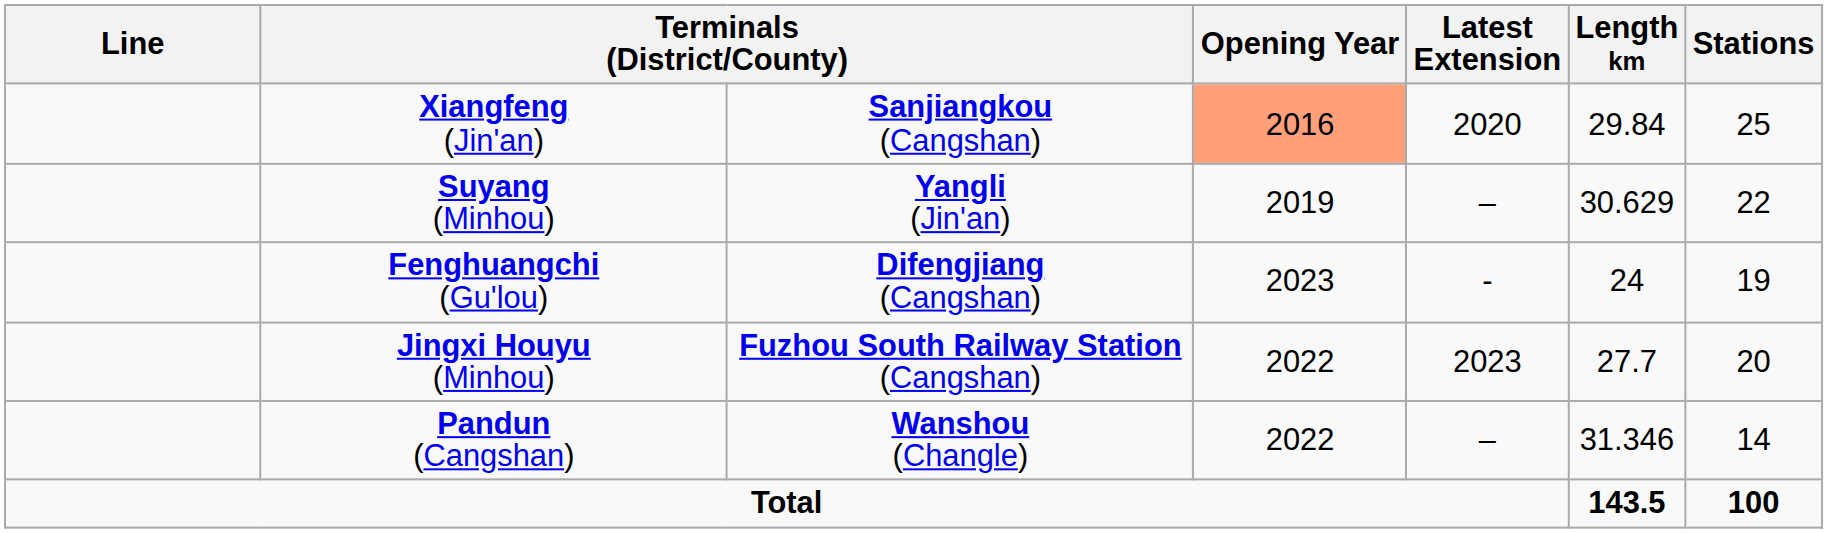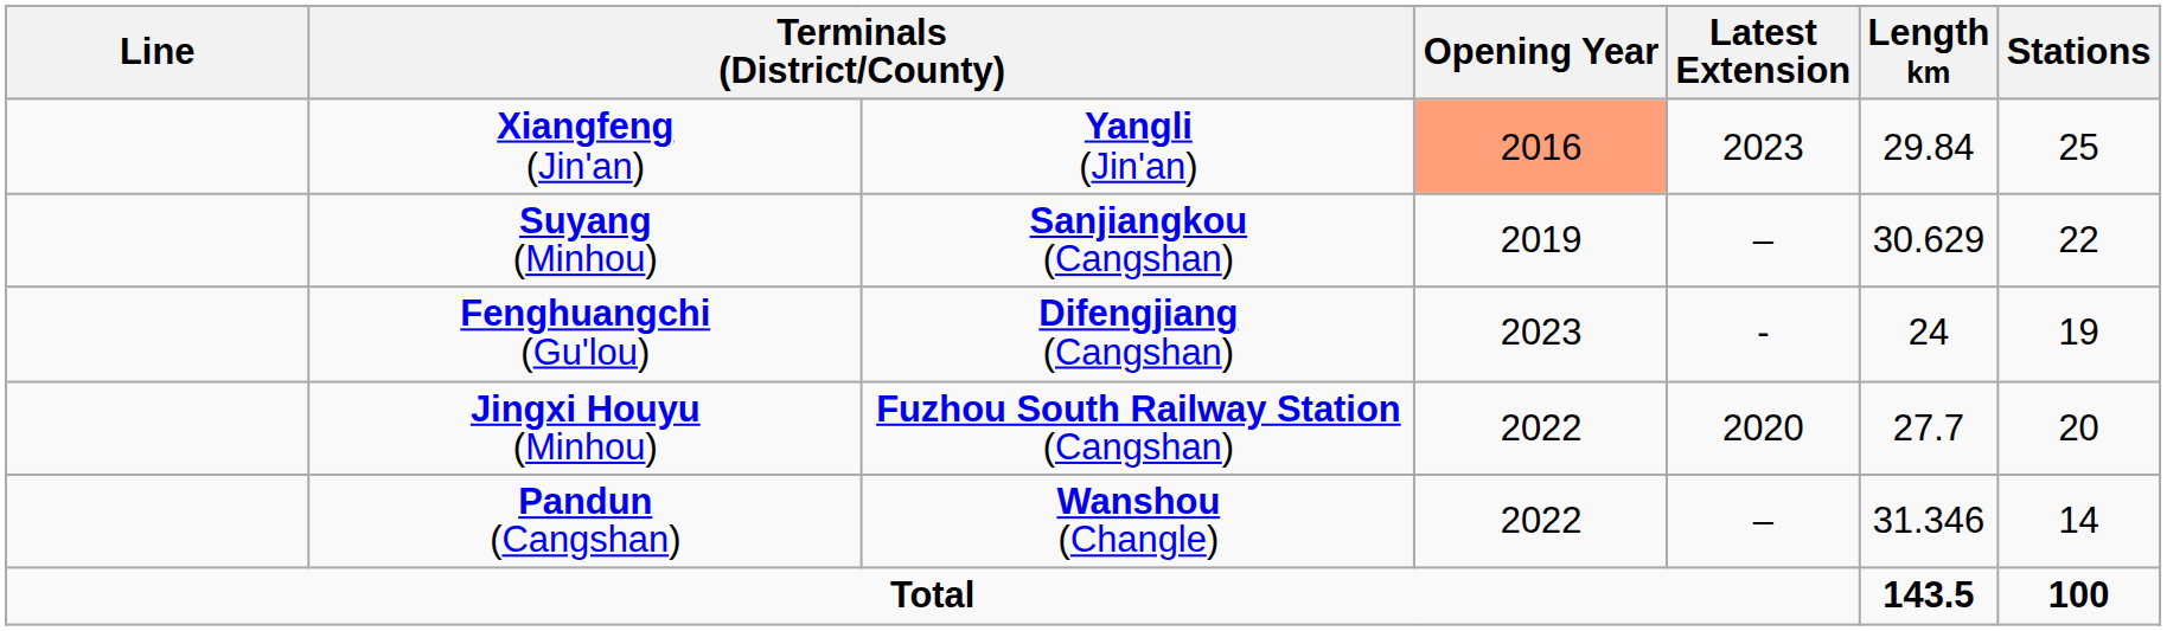 <table class="wikitable sortable" style="cell-padding:1.5; font-size:96%; text-align:center; line-height:1.05">
 <tr>
 <th data-sort-type="text" style="width:120px">Line</th>
 <th colspan="2" class="unsortable" style="width:450px; line-height:1.05">Terminals<br>(District/County)</th>
 <th>Opening Year</th>
 <th>Latest<br>Extension</th>
 <th>Length<br><small>km</small></th>
 <th>Stations</th>
 </tr>
 <tr>
 <td></td>
 <td style="width:225px"><strong><a href='#'>Xiangfeng</a></strong><br>(<a href='#'>Jin'an</a>)</td>
-<td style="width:225px"><strong><a href='#'>Sanjiangkou</a></strong><br>(<a href='#'>Cangshan</a>)</td>
+<td style="width:225px"><strong><a href='#'>Yangli</a></strong><br>(<a href='#'>Jin'an</a>)</td>
 <td style="background: lightsalmon;">2016</td>
-<td>2020</td>
+<td>2023</td>
 <td>29.84</td>
 <td>25</td>
 </tr>
 <tr>
 <td></td>
 <td style="width:225px"><strong><a href='#'>Suyang</a></strong><br>(<a href='#'>Minhou</a>)</td>
-<td style="width:225px"><strong><a href='#'>Yangli</a></strong><br>(<a href='#'>Jin'an</a>)</td>
+<td style="width:225px"><strong><a href='#'>Sanjiangkou</a></strong><br>(<a href='#'>Cangshan</a>)</td>
 <td>2019</td>
 <td>–</td>
 <td>30.629</td>
 <td>22</td>
 </tr>
 <tr>
 <td></td>
 <td style="width:225px"><strong><a href='#'>Fenghuangchi</a></strong><br>(<a href='#'>Gu'lou</a>)</td>
 <td style="width:225px"><strong><a href='#'>Difengjiang</a></strong><br>(<a href='#'>Cangshan</a>)</td>
 <td>2023</td>
 <td>-</td>
 <td>24</td>
 <td>19</td>
 </tr>
 <tr>
 <td></td>
 <td style="width:225px"><strong><a href='#'>Jingxi Houyu</a></strong><br>(<a href='#'>Minhou</a>)</td>
 <td style="width:225px"><strong><a href='#'>Fuzhou South Railway Station</a></strong><br>(<a href='#'>Cangshan</a>)</td>
 <td>2022</td>
-<td>2023</td>
+<td>2020</td>
 <td>27.7</td>
 <td>20</td>
 </tr>
 <tr>
 <td></td>
 <td style="width:225px"><strong><a href='#'>Pandun</a></strong><br>(<a href='#'>Cangshan</a>)</td>
 <td style="width:225px"><strong><a href='#'>Wanshou</a></strong><br>(<a href='#'>Changle</a>)</td>
 <td>2022</td>
 <td>–</td>
 <td>31.346</td>
 <td>14</td>
 </tr>
 <tr class="sortbottom">
 <td colspan="5"><strong>Total</strong></td>
 <td><strong>143.5</strong></td>
 <td><strong>100</strong></td>
 </tr>
 </table>
